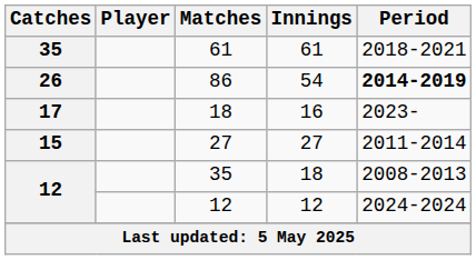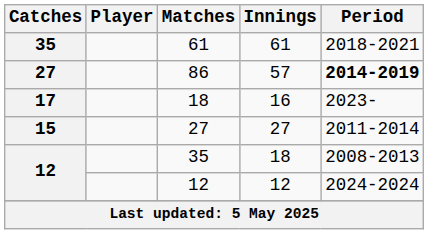 <table class="wikitable sortable" style="text-align:left;font-size:96%;">
 <tr>
 <th>Catches</th>
 <th>Player</th>
 <th>Matches</th>
 <th>Innings</th>
 <th>Period</th>
 </tr>
 <tr>
 <th scope=row style=text-align:center;>35</th>
 <td></td>
 <td align=center>61</td>
 <td align=center>61</td>
 <td>2018-2021</td>
 </tr>
 <tr>
-<th scope=row style=text-align:center;>26</th>
+<th scope=row style=text-align:center;>27</th>
 <td></td>
 <td align=center>86</td>
-<td align=center>54</td>
+<td align=center>57</td>
 <td><strong>2014-2019</strong></td>
 </tr>
 <tr>
 <th scope=row style=text-align:center;>17</th>
 <td></td>
 <td align=center>18</td>
 <td align=center>16</td>
 <td>2023-</td>
 </tr>
 <tr>
 <th scope=row style=text-align:center;>15</th>
 <td></td>
 <td align=center>27</td>
 <td align=center>27</td>
 <td>2011-2014</td>
 </tr>
 <tr>
 <th scope=row style=text-align:center; rowspan=2>12</th>
 <td></td>
 <td align=center>35</td>
 <td align=center>18</td>
 <td>2008-2013</td>
 </tr>
 <tr>
 <td></td>
 <td align=center>12</td>
 <td align=center>12</td>
 <td>2024-2024</td>
 </tr>
 <tr>
 </tr>
 <tr class=sortbottom>
 <th colspan=6><small>Last updated: 5 May 2025</small></th>
 </tr>
 </table>
